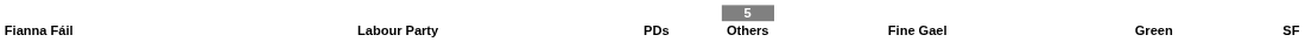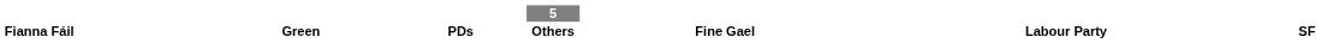 <table style="width:90%; text-align:center;">
 <tr style="color:white;">
 <td style="background:"><strong>78</strong></td>
-<td style="background:"><strong>20</strong></td>
+<td style="background:"><strong>6</strong></td>
 <td style="background:"><strong>2</strong></td>
 <td style="background:grey; width:3.6%;"><strong>5</strong></td>
 <td style="background:"><strong>51</strong></td>
-<td style="background:"><strong>6</strong></td>
+<td style="background:"><strong>20</strong></td>
 <td style="background:"><strong>4</strong></td>
 </tr>
 <tr>
 <td><span><strong>Fianna Fáil</strong></span></td>
-<td><span><strong>Labour Party</strong></span></td>
+<td><span><strong>Green</strong></span></td>
 <td><span><strong>PDs</strong></span></td>
 <td><span><strong>Others</strong></span></td>
 <td><span><strong>Fine Gael</strong></span></td>
-<td><span><strong>Green</strong></span></td>
+<td><span><strong>Labour Party</strong></span></td>
 <td><span><strong>SF</strong></span></td>
 </tr>
 </table>
